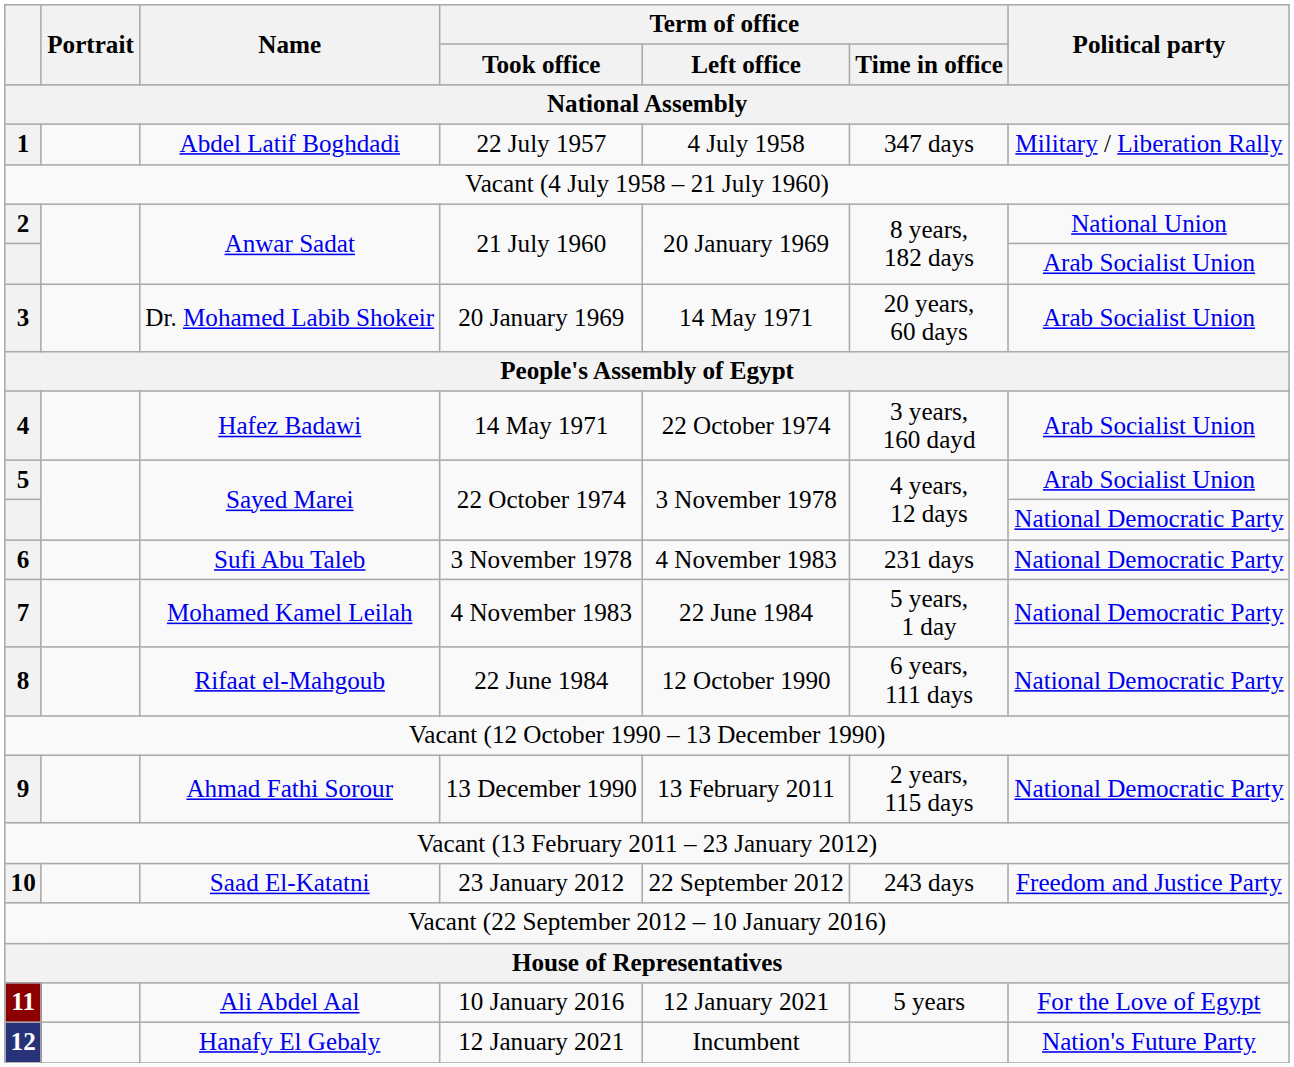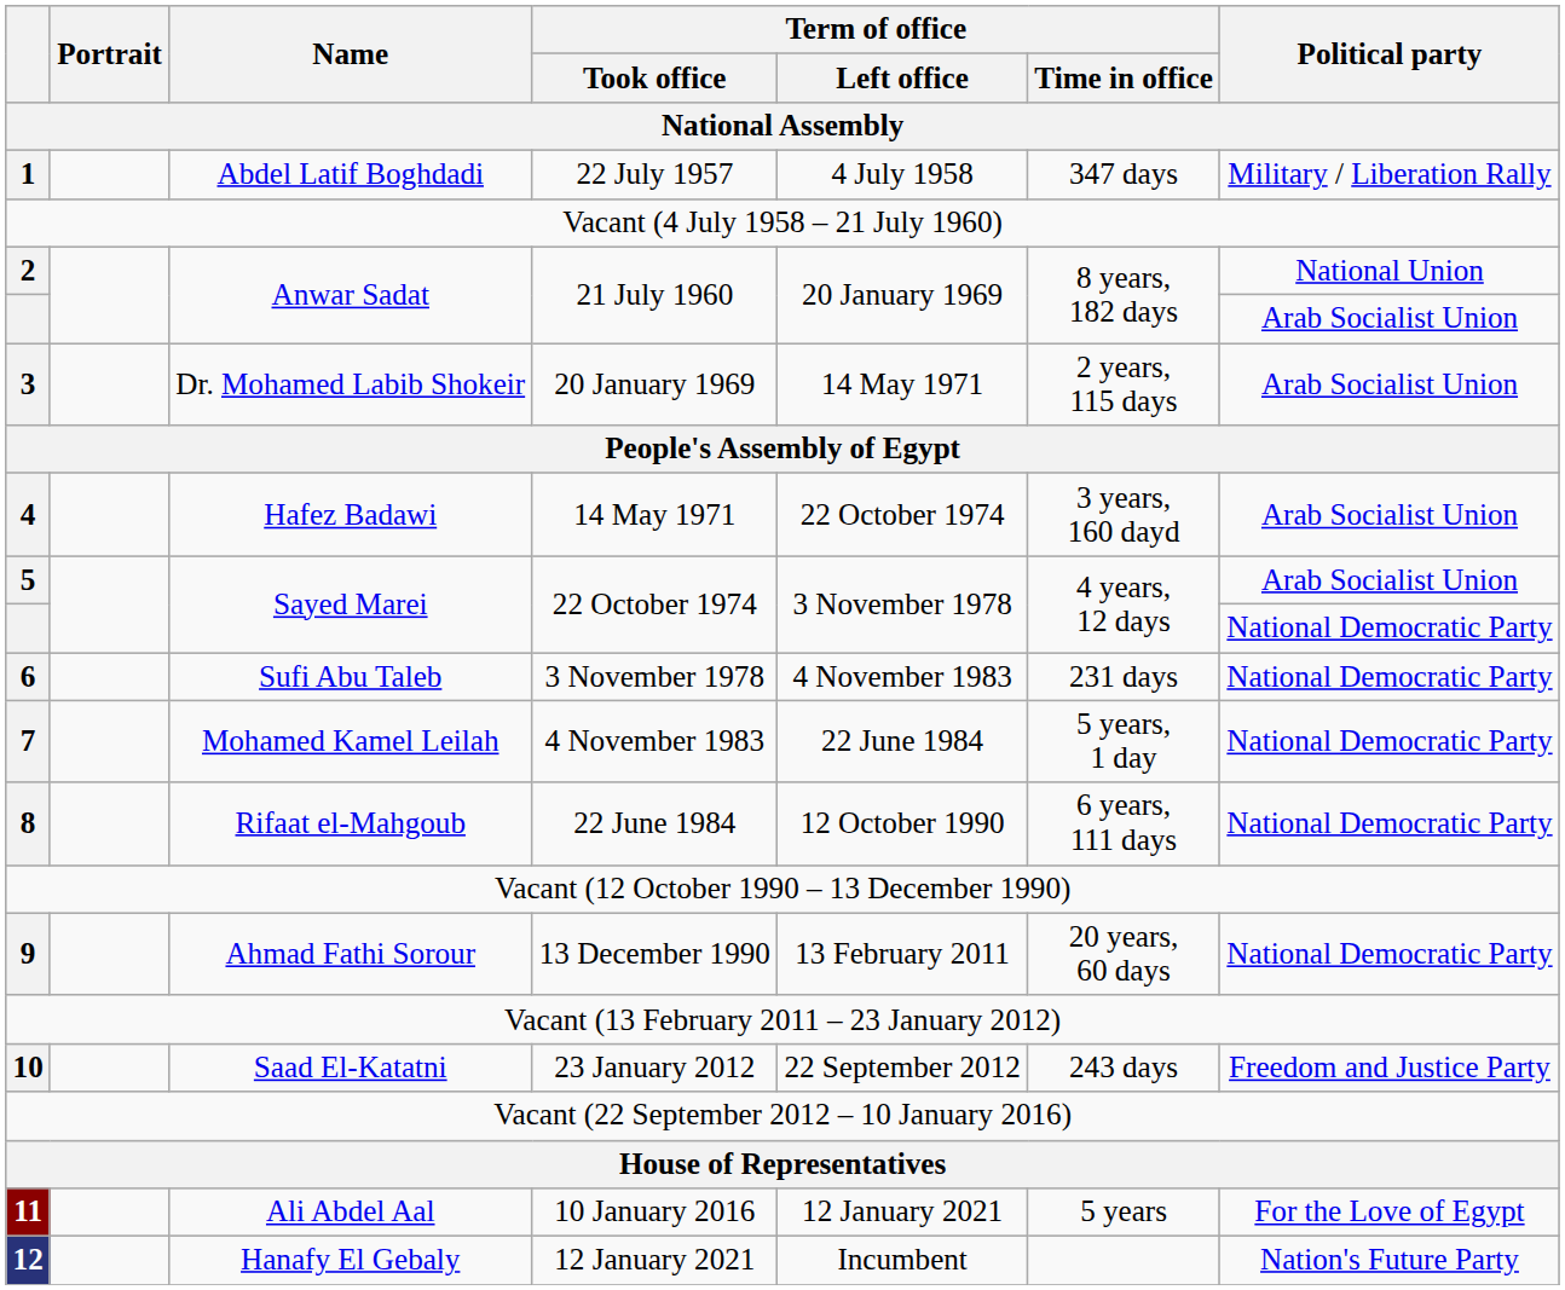 <table class="wikitable" style="text-align:center">
 <tr>
 <th rowspan="2"></th>
 <th rowspan="2">Portrait</th>
 <th rowspan="2">Name</th>
 <th colspan="3">Term of office</th>
 <th rowspan="2">Political party</th>
 </tr>
 <tr>
 <th>Took office</th>
 <th>Left office</th>
 <th>Time in office</th>
 </tr>
 <tr>
 <th colspan="7" align="center">National Assembly</th>
 </tr>
 <tr>
 <th style="background:">1</th>
 <td></td>
 <td><a href='#'>Abdel Latif Boghdadi</a></td>
 <td>22 July 1957</td>
 <td>4 July 1958 <br></td>
 <td>347 days</td>
 <td><a href='#'>Military</a> / <a href='#'>Liberation Rally</a></td>
 </tr>
 <tr>
 <td colspan="7" align="center">Vacant (4 July 1958 – 21 July 1960)</td>
 </tr>
 <tr>
 <th style="background:">2</th>
 <td rowspan="2"></td>
 <td rowspan="2"><a href='#'>Anwar Sadat</a></td>
 <td rowspan="2">21 July 1960</td>
 <td rowspan="2">20 January 1969</td>
 <td rowspan="2">8 years,<br>182 days</td>
 <td><a href='#'>National Union</a> <br></td>
 </tr>
 <tr>
 <th style="background:"></th>
 <td><a href='#'>Arab Socialist Union</a></td>
 </tr>
 <tr>
 <th style="background:">3</th>
 <td></td>
 <td>Dr. <a href='#'>Mohamed Labib Shokeir</a></td>
 <td>20 January 1969</td>
 <td>14 May 1971</td>
-<td>20 years,<br>60 days</td>
+<td>2 years,<br>115 days</td>
 <td><a href='#'>Arab Socialist Union</a></td>
 </tr>
 <tr>
 <th colspan="7" align="center">People's Assembly of Egypt</th>
 </tr>
 <tr>
 <th style="background:">4</th>
 <td></td>
 <td><a href='#'>Hafez Badawi</a></td>
 <td>14 May 1971</td>
 <td>22 October 1974</td>
 <td>3 years,<br>160 dayd</td>
 <td><a href='#'>Arab Socialist Union</a></td>
 </tr>
 <tr>
 <th style="background:">5</th>
 <td rowspan=2></td>
 <td rowspan=2><a href='#'>Sayed Marei</a></td>
 <td rowspan=2>22 October 1974</td>
 <td rowspan=2>3 November 1978</td>
 <td rowspan="2">4 years,<br>12 days</td>
 <td><a href='#'>Arab Socialist Union</a> <br></td>
 </tr>
 <tr>
 <th style="background:"></th>
 <td><a href='#'>National Democratic Party</a></td>
 </tr>
 <tr>
 <th style="background:">6</th>
 <td></td>
 <td><a href='#'>Sufi Abu Taleb</a></td>
 <td>3 November 1978</td>
 <td>4 November 1983</td>
 <td>231 days</td>
 <td><a href='#'>National Democratic Party</a></td>
 </tr>
 <tr>
 <th style="background:">7</th>
 <td></td>
 <td><a href='#'>Mohamed Kamel Leilah</a></td>
 <td>4 November 1983</td>
 <td>22 June 1984</td>
 <td>5 years,<br>1 day</td>
 <td><a href='#'>National Democratic Party</a></td>
 </tr>
 <tr>
 <th style="background:">8</th>
 <td></td>
 <td><a href='#'>Rifaat el-Mahgoub</a></td>
 <td>22 June 1984</td>
 <td>12 October 1990 <br></td>
 <td>6 years,<br>111 days</td>
 <td><a href='#'>National Democratic Party</a></td>
 </tr>
 <tr>
 <td colspan="7" align="center">Vacant (12 October 1990 – 13 December 1990)</td>
 </tr>
 <tr>
 <th style="background:">9</th>
 <td></td>
 <td><a href='#'>Ahmad Fathi Sorour</a></td>
 <td>13 December 1990</td>
 <td>13 February 2011 <br></td>
-<td>2 years,<br>115 days</td>
+<td>20 years,<br>60 days</td>
 <td><a href='#'>National Democratic Party</a></td>
 </tr>
 <tr>
 <td colspan="7" align="center">Vacant (13 February 2011 – 23 January 2012)</td>
 </tr>
 <tr>
 <th style="background:">10</th>
 <td></td>
 <td><a href='#'>Saad El-Katatni</a></td>
 <td>23 January 2012</td>
 <td>22 September 2012 <br></td>
 <td>243 days</td>
 <td><a href='#'>Freedom and Justice Party</a></td>
 </tr>
 <tr>
 <td colspan="7" align="center">Vacant (22 September 2012 – 10 January 2016)</td>
 </tr>
 <tr>
 <th colspan="7" align="center">House of Representatives</th>
 </tr>
 <tr>
 <th style="background:#8B0000; color:white;">11</th>
 <td></td>
 <td><a href='#'>Ali Abdel Aal</a></td>
 <td>10 January 2016</td>
 <td>12 January 2021</td>
 <td>5 years</td>
 <td><a href='#'>For the Love of Egypt</a></td>
 </tr>
 <tr>
 <th style="background:#283279; color:white;">12</th>
 <td></td>
 <td><a href='#'>Hanafy El Gebaly</a></td>
 <td>12 January 2021</td>
 <td>Incumbent</td>
 <td></td>
 <td><a href='#'>Nation's Future Party</a></td>
 </tr>
 </table>
